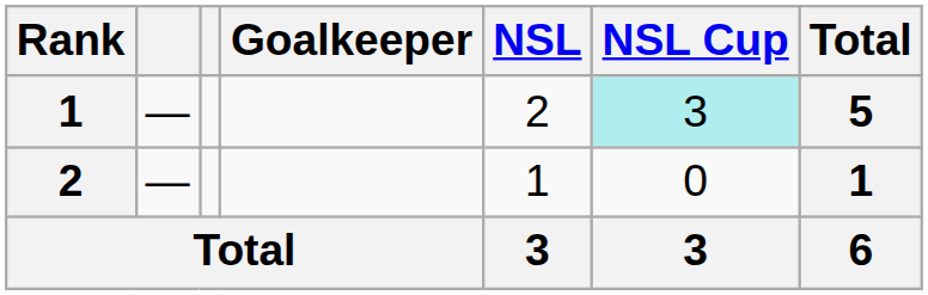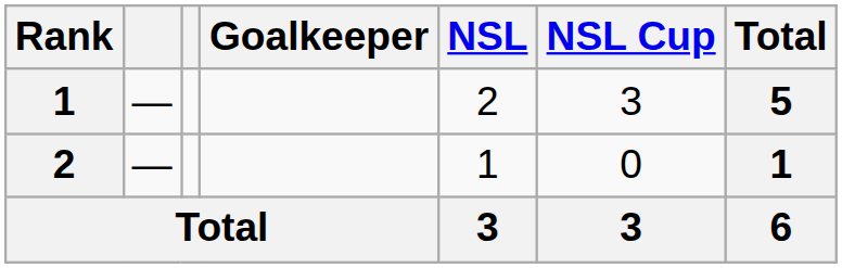 <table class="wikitable sortable" style="text-align:center">
 <tr>
 <th>Rank</th>
 <th></th>
 <th></th>
 <th>Goalkeeper</th>
 <th><a href='#'>NSL</a></th>
 <th><a href='#'>NSL Cup</a></th>
 <th>Total</th>
 </tr>
 <tr>
 <th>1</th>
 <td>—</td>
 <td></td>
 <td align="left"></td>
 <td>2</td>
-<td style="background: paleturquoise;">3</td>
+<td>3</td>
 <th>5</th>
 </tr>
 <tr>
 <th>2</th>
 <td>—</td>
 <td></td>
 <td align="left"></td>
 <td>1</td>
 <td>0</td>
 <th>1</th>
 </tr>
 <tr>
 <th colspan="4">Total</th>
 <th>3</th>
 <th>3</th>
 <th>6</th>
 </tr>
 </table>
